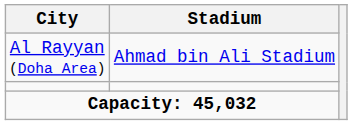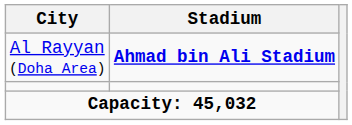 <table class="wikitable" style="margin:1em auto; text-align:center;">
 <tr>
 <th>City</th>
 <th>Stadium</th>
 <th rowspan="4"></th>
 </tr>
 <tr>
 <td><a href='#'>Al Rayyan</a><br> <small>(<a href='#'>Doha Area</a>)</small></td>
-<td><a href='#'>Ahmad bin Ali Stadium</a></td>
+<td><strong><a href='#'>Ahmad bin Ali Stadium</a></strong></td>
 </tr>
 <tr>
 <td></td>
 <td></td>
 </tr>
 <tr>
 <td colspan="2"><strong>Capacity: 45,032</strong></td>
 </tr>
 </table>
